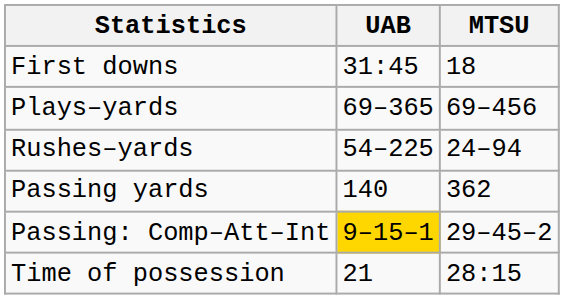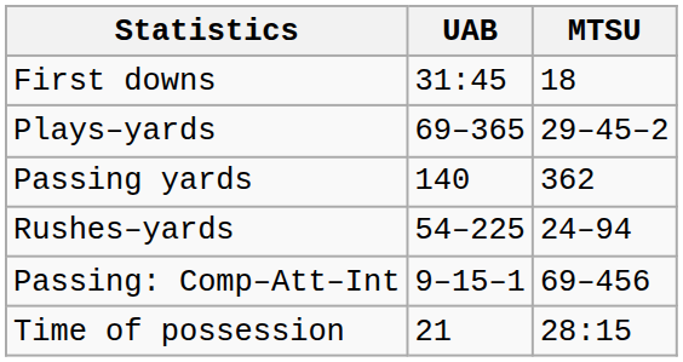 <table class="wikitable">
 <tr>
 <th>Statistics</th>
 <th>UAB</th>
 <th>MTSU</th>
 </tr>
 <tr>
 <td>First downs</td>
 <td>31:45</td>
 <td>18</td>
 </tr>
 <tr>
 <td>Plays–yards</td>
 <td>69–365</td>
-<td>69–456</td>
+<td>29–45–2</td>
+</tr>
+<tr>
+<td>Passing yards</td>
+<td>140</td>
+<td>362</td>
 </tr>
 <tr>
 <td>Rushes–yards</td>
 <td>54–225</td>
 <td>24–94</td>
 </tr>
 <tr>
-<td>Passing yards</td>
-<td>140</td>
-<td>362</td>
-</tr>
-<tr>
 <td>Passing: Comp–Att–Int</td>
-<td style="background: gold;">9–15–1</td>
-<td>29–45–2</td>
+<td>9–15–1</td>
+<td>69–456</td>
 </tr>
 <tr>
 <td>Time of possession</td>
 <td>21</td>
 <td>28:15</td>
 </tr>
 </table>
